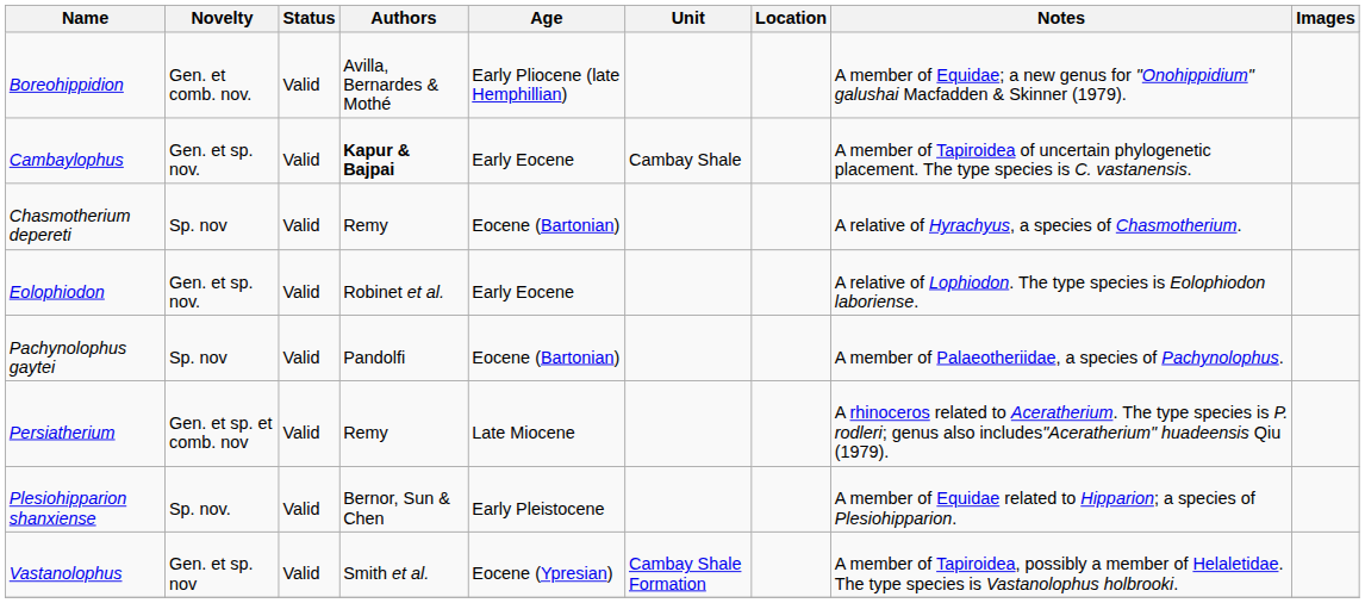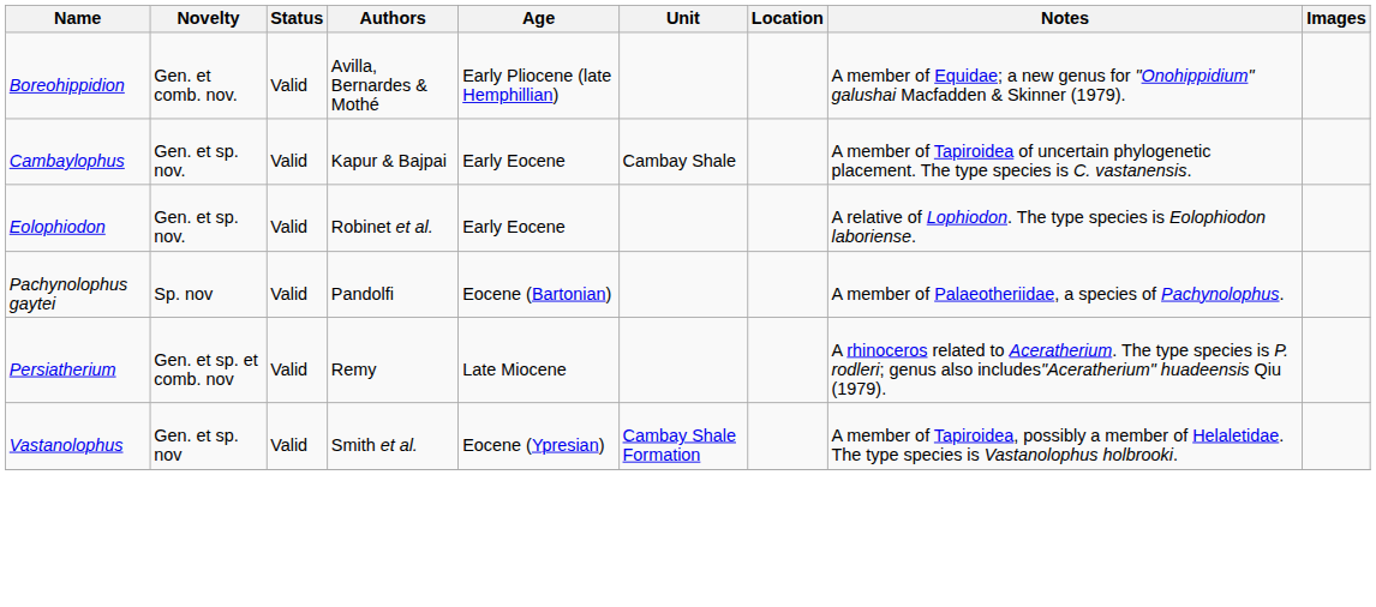 <table class="wikitable sortable" align="center" width="100%">
 <tr>
 <th>Name</th>
 <th>Novelty</th>
 <th>Status</th>
 <th>Authors</th>
 <th>Age</th>
 <th>Unit</th>
 <th>Location</th>
 <th>Notes</th>
 <th>Images</th>
 </tr>
 <tr>
 <td><br><em><a href='#'>Boreohippidion</a></em></td>
 <td><br>Gen. et comb. nov.</td>
 <td><br>Valid</td>
 <td><br>Avilla, Bernardes & Mothé</td>
 <td><br>Early Pliocene (late <a href='#'>Hemphillian</a>)</td>
 <td></td>
 <td><br></td>
 <td><br>A member of <a href='#'>Equidae</a>; a new genus for <em>"<a href='#'>Onohippidium</a>" galushai</em> Macfadden & Skinner (1979).</td>
 <td></td>
 </tr>
 <tr>
 <td><br><em><a href='#'>Cambaylophus</a></em></td>
 <td><br>Gen. et sp. nov.</td>
 <td><br>Valid</td>
-<td><strong><br>Kapur & Bajpai</strong></td>
+<td><br>Kapur & Bajpai</td>
 <td><br>Early Eocene</td>
 <td><br>Cambay Shale</td>
 <td><br></td>
 <td><br>A member of <a href='#'>Tapiroidea</a> of uncertain phylogenetic placement. The type species is <em>C. vastanensis</em>.</td>
-<td></td>
-</tr>
-<tr>
-<td><br><em>Chasmotherium depereti</em></td>
-<td><br>Sp. nov</td>
-<td><br>Valid</td>
-<td><br>Remy</td>
-<td><br>Eocene (<a href='#'>Bartonian</a>)</td>
-<td></td>
-<td><br></td>
-<td><br>A relative of <em><a href='#'>Hyrachyus</a></em>, a species of <em><a href='#'>Chasmotherium</a></em>.</td>
 <td></td>
 </tr>
 <tr>
 <td><br><em><a href='#'>Eolophiodon</a></em></td>
 <td><br>Gen. et sp. nov.</td>
 <td><br>Valid</td>
 <td><br>Robinet <em>et al.</em></td>
 <td><br>Early Eocene</td>
 <td></td>
 <td><br></td>
 <td><br>A relative of <em><a href='#'>Lophiodon</a></em>. The type species is <em>Eolophiodon laboriense</em>.</td>
 <td></td>
 </tr>
 <tr>
 <td><br><em>Pachynolophus gaytei</em></td>
 <td><br>Sp. nov</td>
 <td><br>Valid</td>
 <td><br>Pandolfi</td>
 <td><br>Eocene (<a href='#'>Bartonian</a>)</td>
 <td></td>
 <td><br></td>
 <td><br>A member of <a href='#'>Palaeotheriidae</a>, a species of <em><a href='#'>Pachynolophus</a></em>.</td>
 <td></td>
 </tr>
 <tr>
 <td><br><em><a href='#'>Persiatherium</a></em></td>
 <td><br>Gen. et sp. et comb. nov</td>
 <td><br>Valid</td>
 <td><br>Remy</td>
 <td><br>Late Miocene</td>
 <td></td>
 <td><br><br> </td>
 <td><br>A <a href='#'>rhinoceros</a> related to <em><a href='#'>Aceratherium</a></em>. The type species is <em>P. rodleri</em>; genus also includes<em>"Aceratherium" huadeensis</em> Qiu (1979).</td>
 <td></td>
 </tr>
 <tr>
-<td><br><em><a href='#'>Plesiohipparion shanxiense</a></em></td>
-<td><br>Sp. nov.</td>
-<td><br>Valid</td>
-<td><br>Bernor, Sun & Chen</td>
-<td><br>Early Pleistocene</td>
-<td></td>
-<td><br></td>
-<td><br>A member of <a href='#'>Equidae</a> related to <em><a href='#'>Hipparion</a></em>; a species of <em>Plesiohipparion</em>.</td>
-<td></td>
-</tr>
-<tr>
 <td><br><em><a href='#'>Vastanolophus</a></em></td>
 <td><br>Gen. et sp. nov</td>
 <td><br>Valid</td>
 <td><br>Smith <em>et al.</em></td>
 <td><br>Eocene (<a href='#'>Ypresian</a>)</td>
 <td><br><a href='#'>Cambay Shale Formation</a></td>
 <td><br></td>
 <td><br>A member of <a href='#'>Tapiroidea</a>, possibly a member of <a href='#'>Helaletidae</a>. The type species is <em>Vastanolophus holbrooki</em>.</td>
 <td></td>
 </tr>
 <tr>
 </tr>
 </table>
